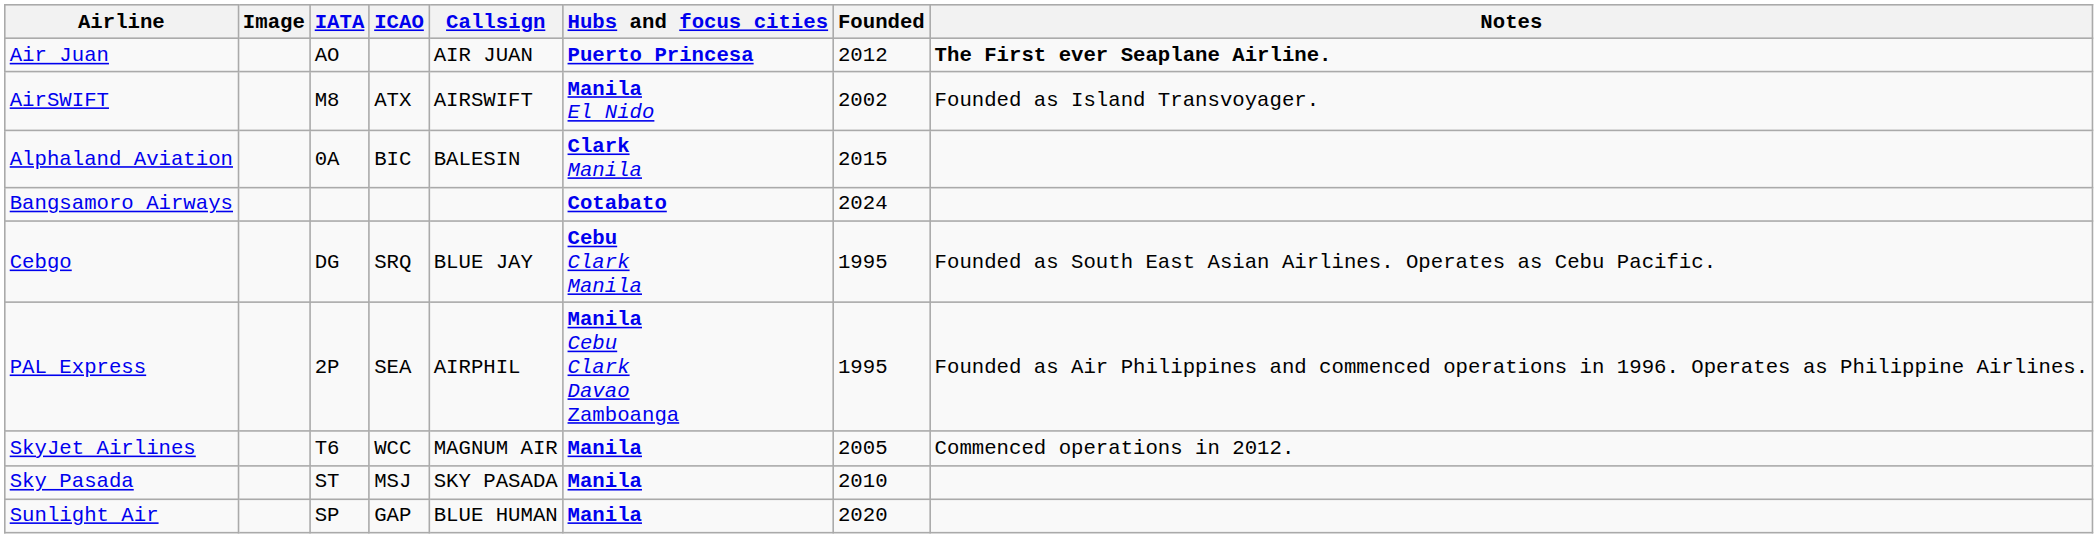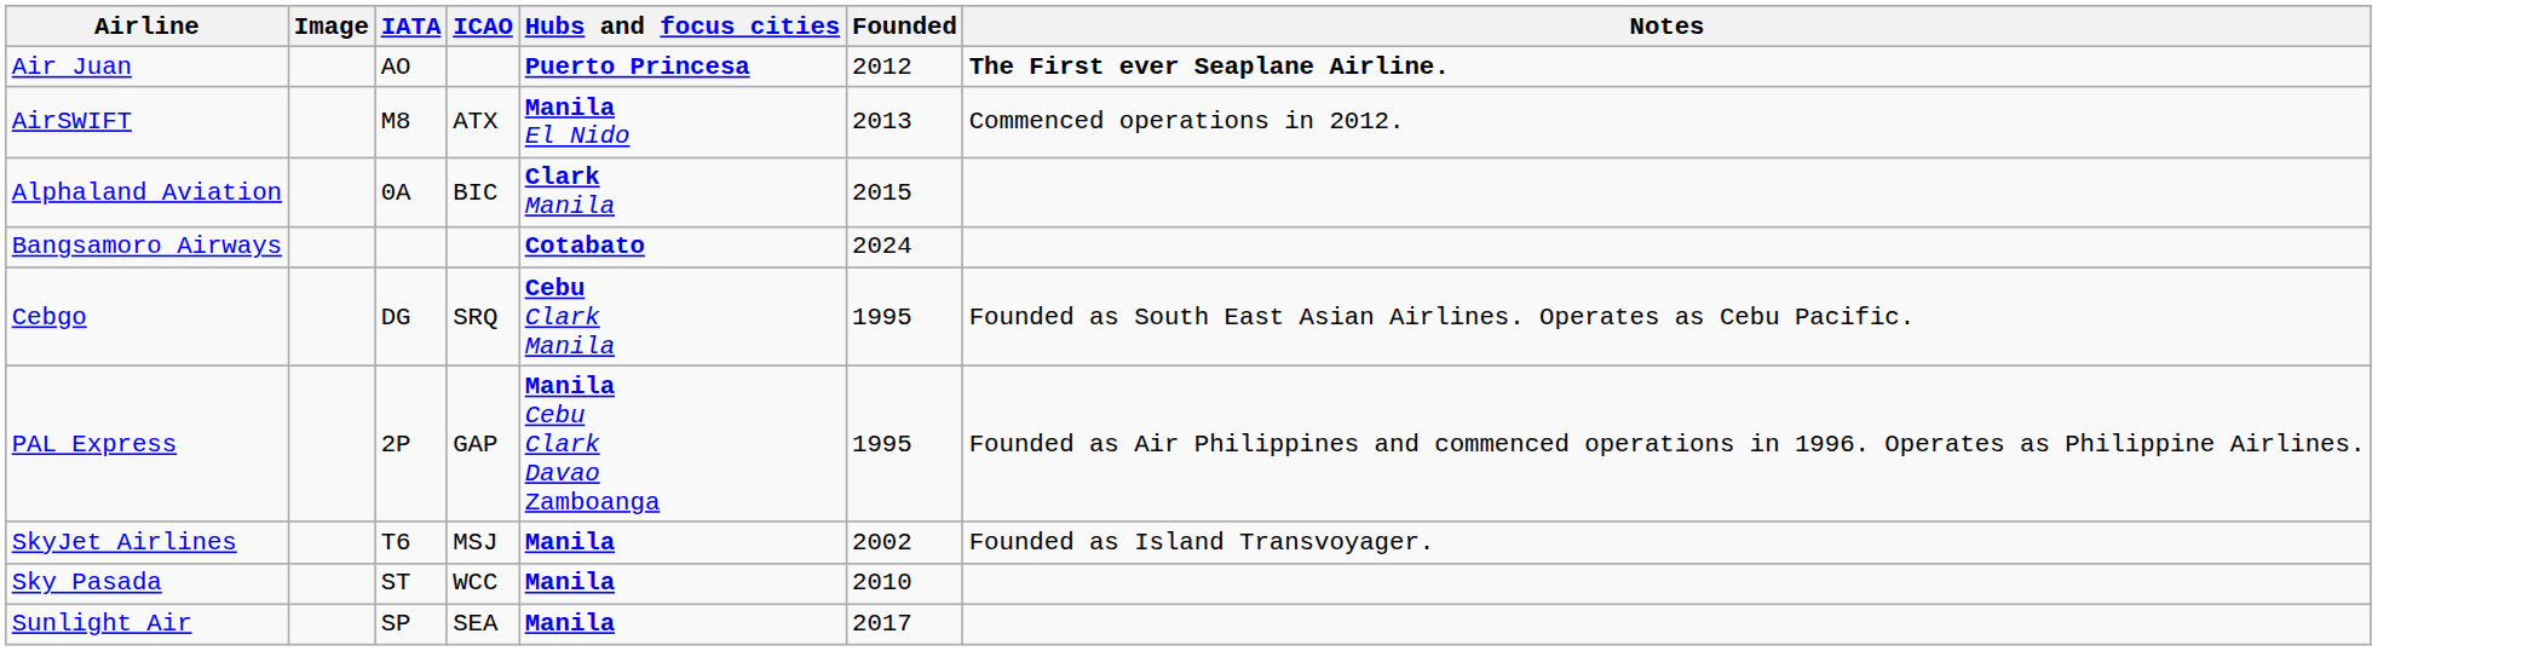 <table class="wikitable" style="border: 0; cellpadding: 2; cellspacing: 3;">
 <tr style="vertical-align:middle;">
 <th>Airline</th>
 <th>Image</th>
 <th><a href='#'>IATA</a></th>
 <th><a href='#'>ICAO</a></th>
-<th><a href='#'>Callsign</a></th>
 <th><a href='#'>Hubs</a> and <a href='#'>focus cities</a></th>
 <th>Founded</th>
 <th>Notes</th>
 </tr>
 <tr>
 <td><a href='#'>Air Juan</a></td>
 <td></td>
 <td>AO</td>
 <td></td>
-<td>AIR JUAN</td>
 <td><strong><a href='#'>Puerto Princesa</a></strong></td>
 <td>2012</td>
 <td><strong>The First ever Seaplane Airline.</strong></td>
 </tr>
 <tr>
 <td><a href='#'>AirSWIFT</a></td>
 <td></td>
 <td>M8</td>
 <td>ATX</td>
-<td>AIRSWIFT</td>
 <td><strong><a href='#'>Manila</a></strong><br><em><a href='#'>El Nido</a></em></td>
-<td>2002</td>
-<td>Founded as Island Transvoyager.</td>
+<td>2013</td>
+<td>Commenced operations in 2012.</td>
 </tr>
 <tr>
 <td><a href='#'>Alphaland Aviation</a></td>
 <td></td>
 <td>0A</td>
 <td>BIC</td>
-<td>BALESIN</td>
 <td><strong><a href='#'>Clark</a></strong><br><em><a href='#'>Manila</a></em></td>
 <td>2015</td>
 <td></td>
 </tr>
 <tr>
 <td><a href='#'>Bangsamoro Airways</a></td>
-<td></td>
 <td></td>
 <td></td>
 <td></td>
 <td><strong><a href='#'>Cotabato</a></strong></td>
 <td>2024</td>
 <td></td>
 </tr>
 <tr>
 <td><a href='#'>Cebgo</a></td>
 <td></td>
 <td>DG</td>
 <td>SRQ</td>
-<td>BLUE JAY</td>
 <td><strong><a href='#'>Cebu</a></strong><br><em><a href='#'>Clark</a></em><br><em><a href='#'>Manila</a></em></td>
 <td>1995</td>
 <td>Founded as South East Asian Airlines. Operates as Cebu Pacific.</td>
 </tr>
 <tr>
 <td><a href='#'>PAL Express</a></td>
 <td></td>
 <td>2P</td>
-<td>SEA</td>
-<td>AIRPHIL</td>
+<td>GAP</td>
 <td><strong><a href='#'>Manila</a></strong><br><em><a href='#'>Cebu</a></em><br><em><a href='#'>Clark</a></em><br><em><a href='#'>Davao</a></em><br><a href='#'>Zamboanga</a></td>
 <td>1995</td>
 <td>Founded as Air Philippines and commenced operations in 1996. Operates as Philippine Airlines.</td>
 </tr>
 <tr>
 <td><a href='#'>SkyJet Airlines</a></td>
 <td></td>
 <td>T6</td>
-<td>WCC</td>
-<td>MAGNUM AIR</td>
+<td>MSJ</td>
 <td><strong><a href='#'>Manila</a></strong></td>
-<td>2005</td>
-<td>Commenced operations in 2012.</td>
+<td>2002</td>
+<td>Founded as Island Transvoyager.</td>
 </tr>
 <tr>
 <td><a href='#'>Sky Pasada</a></td>
 <td></td>
 <td>ST</td>
-<td>MSJ</td>
-<td>SKY PASADA</td>
+<td>WCC</td>
 <td><strong><a href='#'>Manila</a></strong></td>
 <td>2010</td>
 <td></td>
 </tr>
 <tr>
 <td><a href='#'>Sunlight Air</a></td>
 <td></td>
 <td>SP</td>
-<td>GAP</td>
-<td>BLUE HUMAN</td>
+<td>SEA</td>
 <td><strong><a href='#'>Manila</a></strong></td>
-<td>2020</td>
+<td>2017</td>
 <td></td>
 </tr>
 </table>
